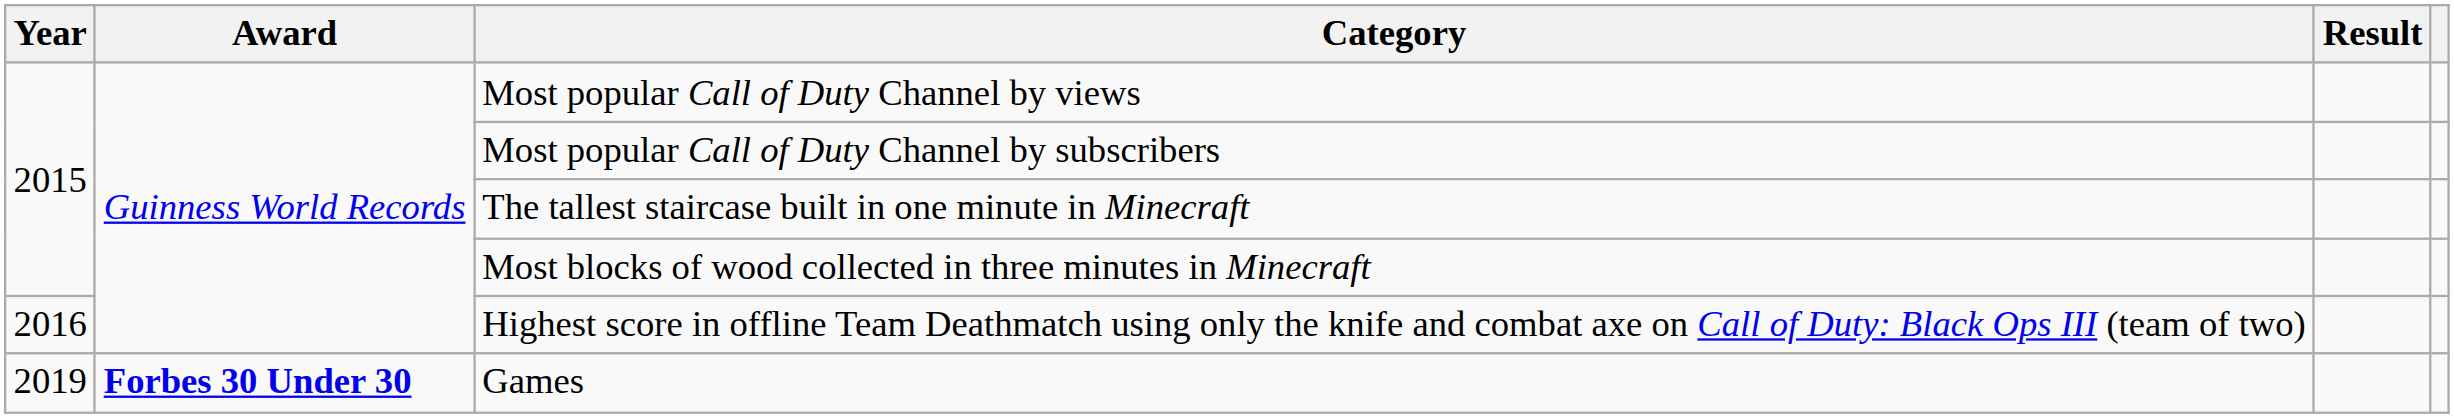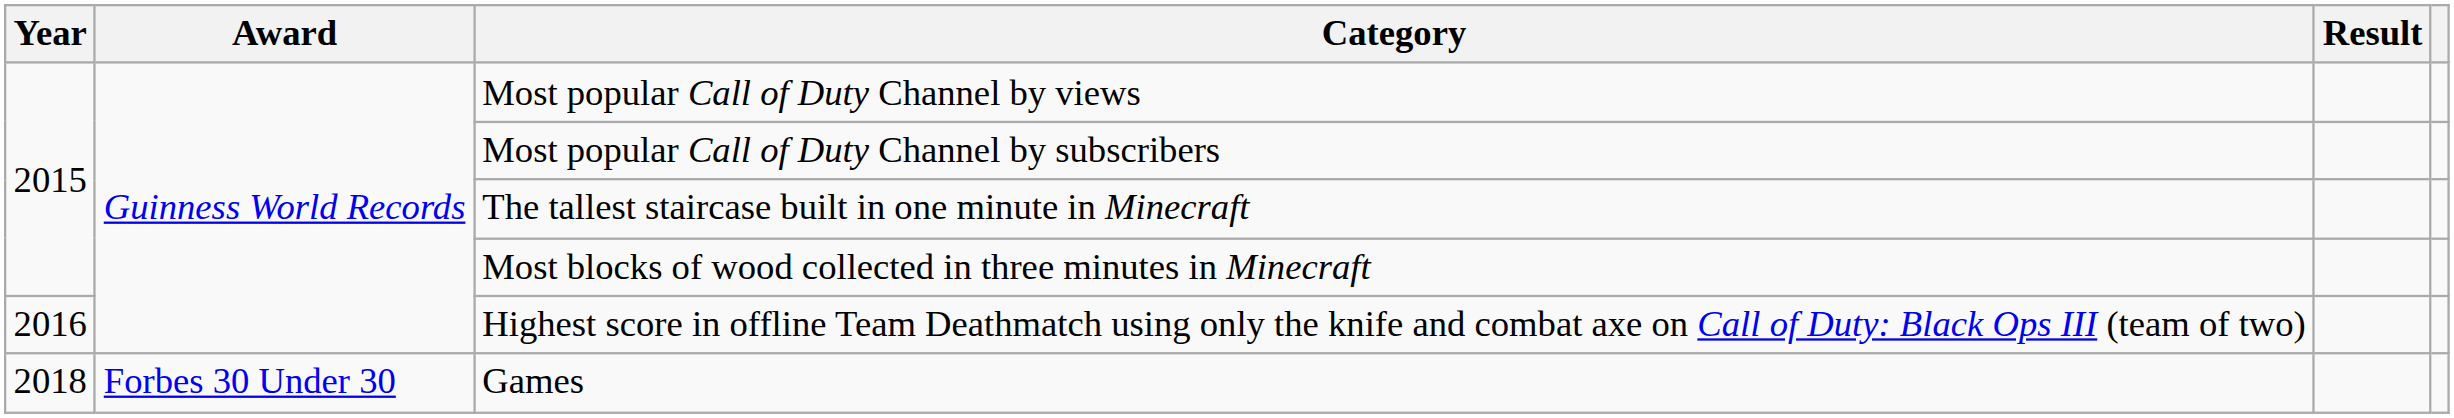 <table class="wikitable sortable plainrowheaders">
 <tr>
 <th scope="col">Year</th>
 <th scope="col">Award</th>
 <th scope="col">Category</th>
 <th scope="col">Result</th>
 <th scope="col" class="unsortable"></th>
 </tr>
 <tr>
 <td rowspan="4">2015</td>
 <td rowspan="5"><em><a href='#'>Guinness World Records</a></em></td>
 <td>Most popular <em>Call of Duty</em> Channel by views</td>
 <td></td>
 <td style="text-align:center;"></td>
 </tr>
 <tr>
 <td>Most popular <em>Call of Duty</em> Channel by subscribers</td>
 <td></td>
 <td style="text-align:center;"></td>
 </tr>
 <tr>
 <td>The tallest staircase built in one minute in <em>Minecraft</em></td>
 <td></td>
 <td style="text-align:center;"></td>
 </tr>
 <tr>
 <td>Most blocks of wood collected in three minutes in <em>Minecraft</em></td>
 <td></td>
 <td style="text-align:center;"></td>
 </tr>
 <tr>
 <td>2016</td>
 <td>Highest score in offline Team Deathmatch using only the knife and combat axe on <em><a href='#'>Call of Duty: Black Ops III</a></em> (team of two)</td>
 <td></td>
 <td style="text-align:center;"></td>
 </tr>
 <tr>
-<td>2019</td>
-<td><strong><a href='#'>Forbes 30 Under 30</a></strong></td>
+<td>2018</td>
+<td><a href='#'>Forbes 30 Under 30</a></td>
 <td>Games</td>
 <td></td>
 <td style="text-align:center;"></td>
 </tr>
 </table>
